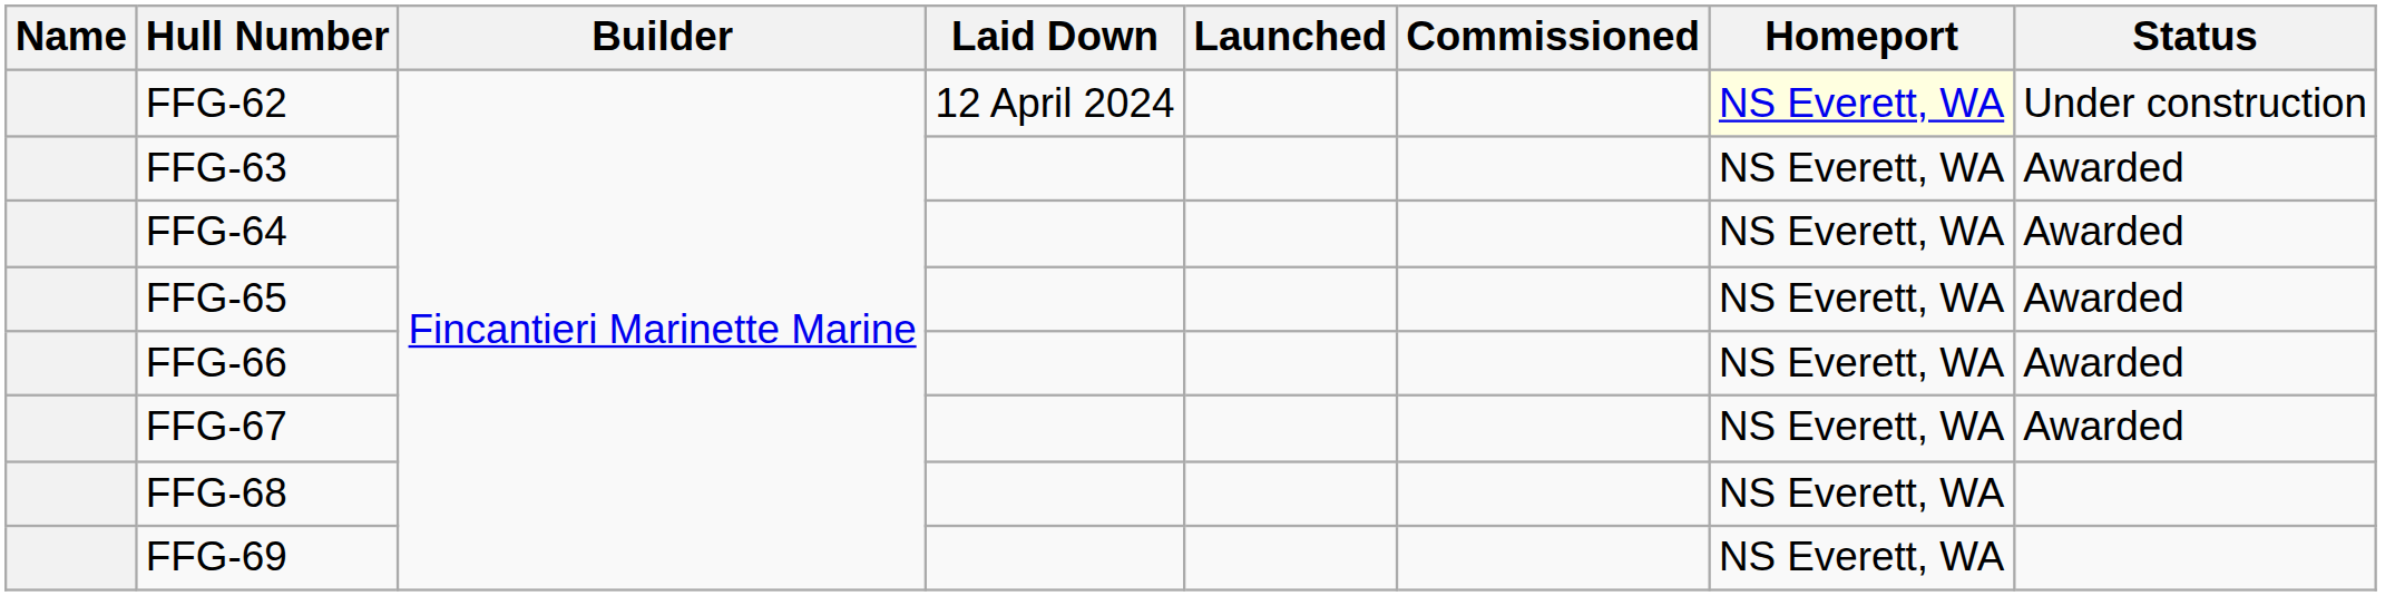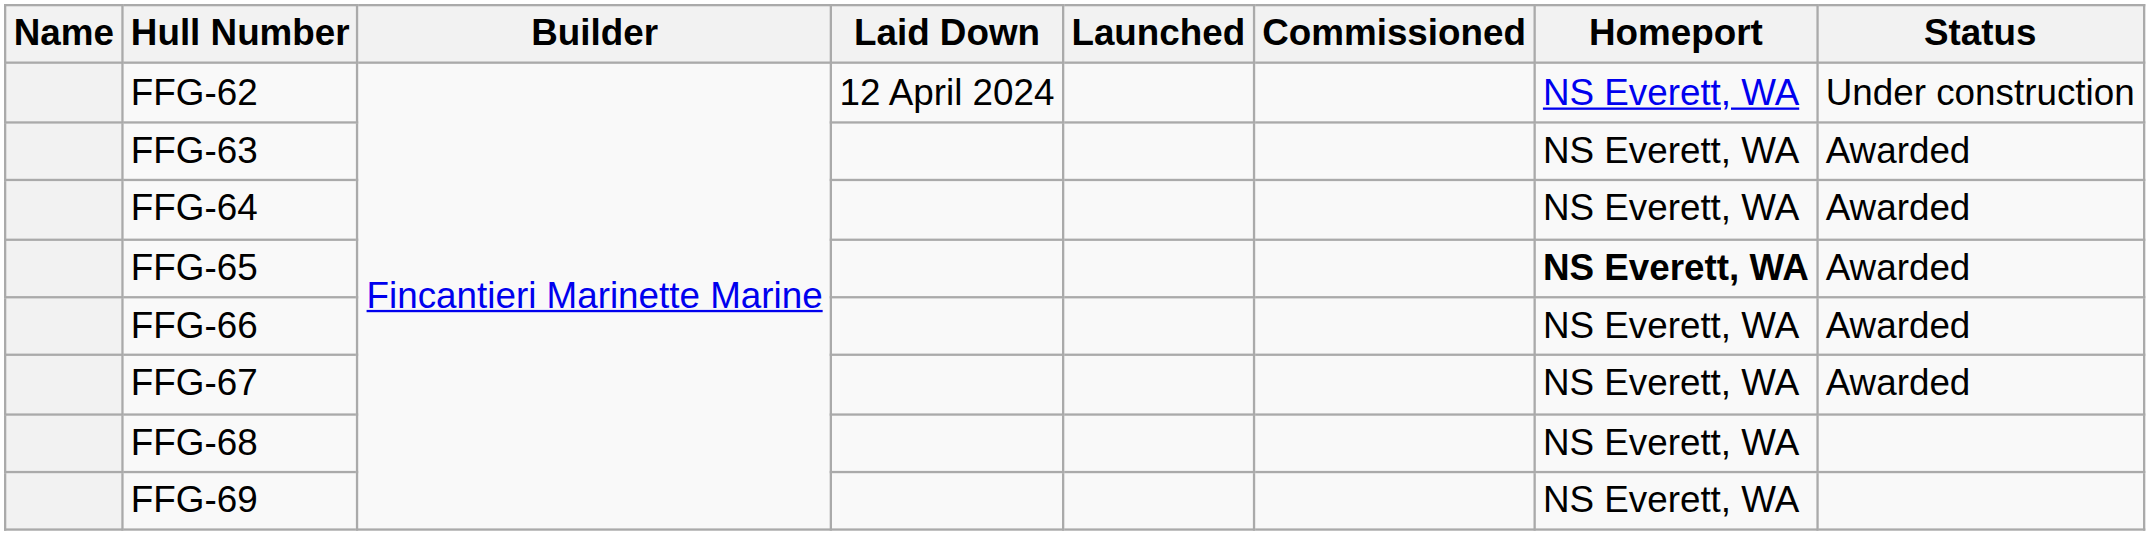 <table class="wikitable plainrowheaders">
 <tr>
 <th scope="col">Name</th>
 <th scope="col">Hull Number</th>
 <th scope="col">Builder</th>
 <th scope="col">Laid Down</th>
 <th scope="col">Launched</th>
 <th scope="col">Commissioned</th>
 <th scope="col">Homeport</th>
 <th scope="col">Status</th>
 </tr>
 <tr>
 <th scope="row"></th>
 <td>FFG-62</td>
 <td rowspan="8"><a href='#'>Fincantieri Marinette Marine</a></td>
 <td>12 April 2024</td>
 <td></td>
 <td></td>
-<td style="background: lightyellow;"><a href='#'>NS Everett, WA</a></td>
+<td><a href='#'>NS Everett, WA</a></td>
 <td>Under construction</td>
 </tr>
 <tr>
 <th scope="row"></th>
 <td>FFG-63</td>
 <td></td>
 <td></td>
 <td></td>
 <td>NS Everett, WA</td>
 <td>Awarded</td>
 </tr>
 <tr>
 <th scope="row"></th>
 <td>FFG-64</td>
 <td></td>
 <td></td>
 <td></td>
 <td>NS Everett, WA</td>
 <td>Awarded</td>
 </tr>
 <tr>
 <th scope="row"></th>
 <td>FFG-65</td>
 <td></td>
 <td></td>
 <td></td>
-<td>NS Everett, WA</td>
+<td><strong>NS Everett, WA</strong></td>
 <td>Awarded</td>
 </tr>
 <tr>
 <th scope="row"></th>
 <td>FFG-66</td>
 <td></td>
 <td></td>
 <td></td>
 <td>NS Everett, WA</td>
 <td>Awarded</td>
 </tr>
 <tr>
 <th scope="row"></th>
 <td>FFG-67</td>
 <td></td>
 <td></td>
 <td></td>
 <td>NS Everett, WA</td>
 <td>Awarded</td>
 </tr>
 <tr>
 <th scope="row"></th>
 <td>FFG-68</td>
 <td></td>
 <td></td>
 <td></td>
 <td>NS Everett, WA</td>
 <td></td>
 </tr>
 <tr>
 <th scope="row"></th>
 <td>FFG-69</td>
 <td></td>
 <td></td>
 <td></td>
 <td>NS Everett, WA</td>
 <td></td>
 </tr>
 </table>
